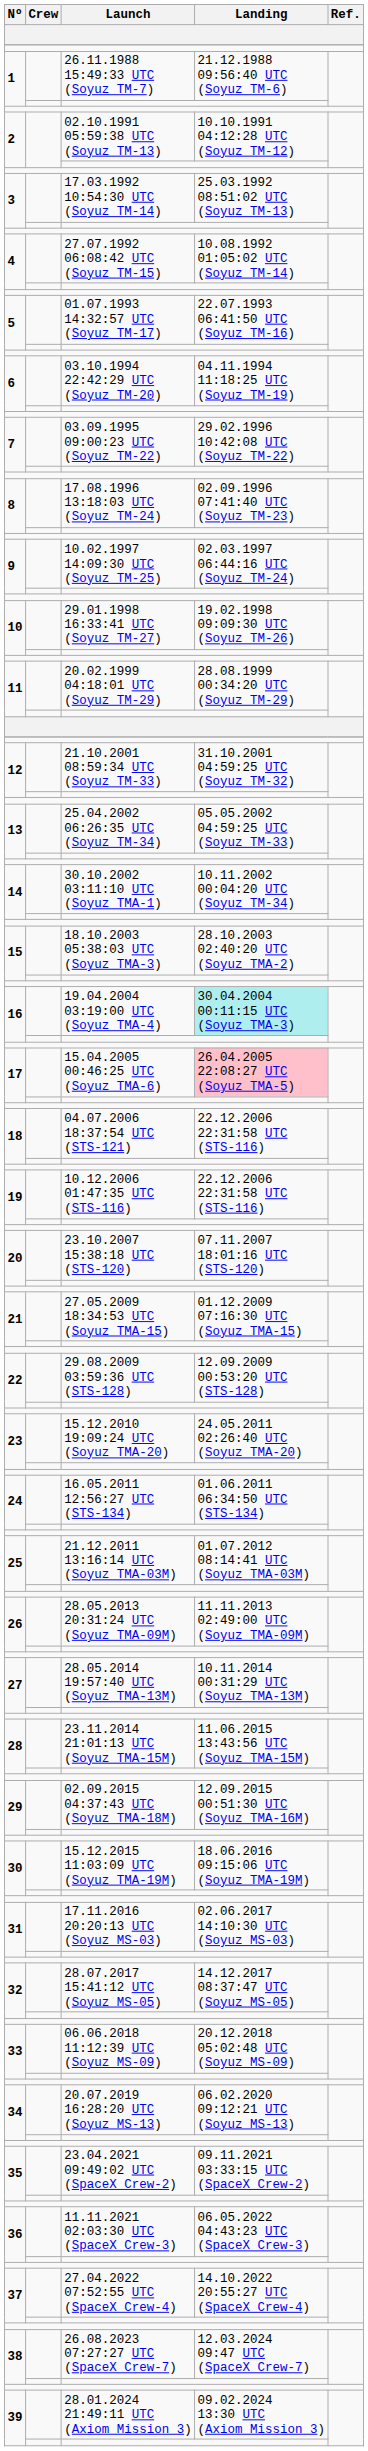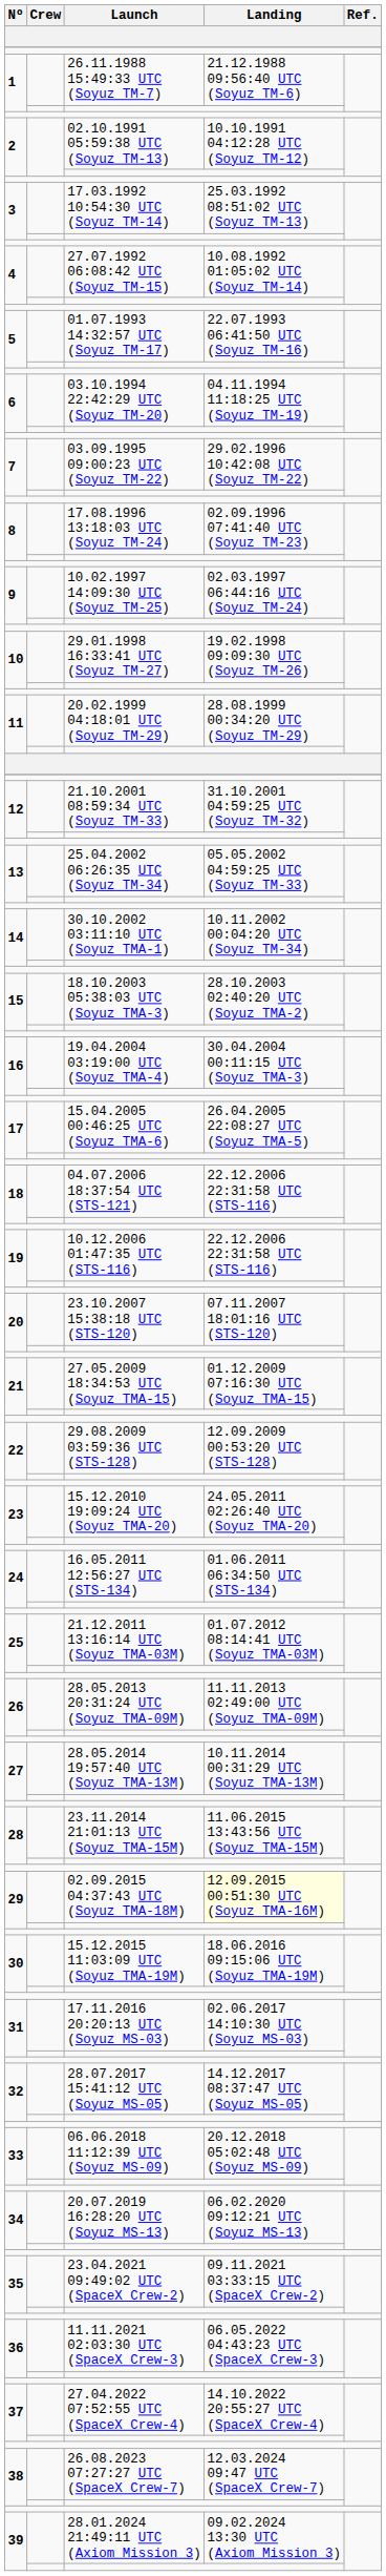 <table class="wikitable sticky-header">
 <tr>
 <th>Nº</th>
 <th>Crew</th>
 <th>Launch</th>
 <th>Landing</th>
 <th>Ref.</th>
 </tr>
 <tr>
 <th colspan=5><br></th>
 </tr>
 <tr style="">
 </tr>
 <tr>
 <td colspan="5"></td>
 </tr>
 <tr>
 <td rowspan="2"><strong>1</strong></td>
 <td></td>
 <td>26.11.1988<br>15:49:33 <a href='#'>UTC</a><br>(<a href='#'>Soyuz TM-7</a>)</td>
 <td>21.12.1988<br>09:56:40 <a href='#'>UTC</a><br>(<a href='#'>Soyuz TM-6</a>)</td>
 <td rowspan="2"></td>
 </tr>
 <tr>
 <td></td>
 <td colspan="2"></td>
 </tr>
 <tr>
 <td colspan="5"></td>
 </tr>
 <tr>
 <td rowspan="2"><strong>2</strong></td>
 <td rowspan="2"></td>
 <td>02.10.1991<br>05:59:38 <a href='#'>UTC</a><br>(<a href='#'>Soyuz TM-13</a>)</td>
 <td>10.10.1991<br>04:12:28 <a href='#'>UTC</a><br>(<a href='#'>Soyuz TM-12</a>)</td>
 <td rowspan="2"></td>
 </tr>
 <tr>
 <td colspan="2"></td>
 </tr>
 <tr>
 <td colspan="5"></td>
 </tr>
 <tr>
 <td rowspan="2"><strong>3</strong></td>
 <td></td>
 <td>17.03.1992<br>10:54:30 <a href='#'>UTC</a><br>(<a href='#'>Soyuz TM-14</a>)</td>
 <td>25.03.1992<br>08:51:02 <a href='#'>UTC</a><br>(<a href='#'>Soyuz TM-13</a>)</td>
 <td rowspan="2"></td>
 </tr>
 <tr>
 <td></td>
 <td colspan="2"></td>
 </tr>
 <tr>
 <td colspan="5"></td>
 </tr>
 <tr>
 <td rowspan="2"><strong>4</strong></td>
 <td></td>
 <td>27.07.1992<br>06:08:42 <a href='#'>UTC</a><br>(<a href='#'>Soyuz TM-15</a>)</td>
 <td>10.08.1992<br>01:05:02 <a href='#'>UTC</a><br>(<a href='#'>Soyuz TM-14</a>)</td>
 <td rowspan="2"></td>
 </tr>
 <tr>
 <td></td>
 <td colspan="2"></td>
 </tr>
 <tr>
 <td colspan="5"></td>
 </tr>
 <tr>
 <td rowspan="2"><strong>5</strong></td>
 <td></td>
 <td>01.07.1993<br>14:32:57 <a href='#'>UTC</a><br>(<a href='#'>Soyuz TM-17</a>)</td>
 <td>22.07.1993<br>06:41:50 <a href='#'>UTC</a><br>(<a href='#'>Soyuz TM-16</a>)</td>
 <td rowspan="2"></td>
 </tr>
 <tr>
 <td></td>
 <td colspan="2"></td>
 </tr>
 <tr>
 <td colspan="5"></td>
 </tr>
 <tr>
 <td rowspan="2"><strong>6</strong></td>
 <td></td>
 <td>03.10.1994<br>22:42:29 <a href='#'>UTC</a><br>(<a href='#'>Soyuz TM-20</a>)</td>
 <td>04.11.1994<br>11:18:25 <a href='#'>UTC</a><br>(<a href='#'>Soyuz TM-19</a>)</td>
 <td rowspan="2"></td>
 </tr>
 <tr>
 <td></td>
 <td colspan="2"></td>
 </tr>
 <tr>
 <td colspan="5"></td>
 </tr>
 <tr>
 <td rowspan="2"><strong>7</strong></td>
 <td></td>
 <td>03.09.1995<br>09:00:23 <a href='#'>UTC</a><br>(<a href='#'>Soyuz TM-22</a>)</td>
 <td>29.02.1996<br>10:42:08 <a href='#'>UTC</a><br>(<a href='#'>Soyuz TM-22</a>)</td>
 <td rowspan="2"></td>
 </tr>
 <tr>
 <td></td>
 <td colspan="2"></td>
 </tr>
 <tr>
 <td colspan="5"></td>
 </tr>
 <tr>
 <td rowspan="2"><strong>8</strong></td>
 <td></td>
 <td>17.08.1996<br>13:18:03 <a href='#'>UTC</a><br>(<a href='#'>Soyuz TM-24</a>)</td>
 <td>02.09.1996<br>07:41:40 <a href='#'>UTC</a><br>(<a href='#'>Soyuz TM-23</a>)</td>
 <td rowspan="2"></td>
 </tr>
 <tr>
 <td></td>
 <td colspan="2"></td>
 </tr>
 <tr>
 <td colspan="5"></td>
 </tr>
 <tr>
 <td rowspan="2"><strong>9</strong></td>
 <td></td>
 <td>10.02.1997<br>14:09:30 <a href='#'>UTC</a><br>(<a href='#'>Soyuz TM-25</a>)</td>
 <td>02.03.1997<br>06:44:16 <a href='#'>UTC</a><br>(<a href='#'>Soyuz TM-24</a>)</td>
 <td rowspan="2"></td>
 </tr>
 <tr>
 <td></td>
 <td colspan="2"></td>
 </tr>
 <tr>
 <td colspan="5"></td>
 </tr>
 <tr>
 <td rowspan="2"><strong>10</strong></td>
 <td></td>
 <td>29.01.1998<br>16:33:41 <a href='#'>UTC</a><br>(<a href='#'>Soyuz TM-27</a>)</td>
 <td>19.02.1998<br>09:09:30 <a href='#'>UTC</a><br>(<a href='#'>Soyuz TM-26</a>)</td>
 <td rowspan="2"></td>
 </tr>
 <tr>
 <td></td>
 <td colspan="2"></td>
 </tr>
 <tr>
 <td colspan="5"></td>
 </tr>
 <tr>
 <td rowspan="2"><strong>11</strong></td>
 <td></td>
 <td>20.02.1999<br>04:18:01 <a href='#'>UTC</a><br>(<a href='#'>Soyuz TM-29</a>)</td>
 <td>28.08.1999<br>00:34:20 <a href='#'>UTC</a><br>(<a href='#'>Soyuz TM-29</a>)</td>
 <td rowspan="2"></td>
 </tr>
 <tr>
 <td></td>
 <td colspan="2"></td>
 </tr>
 <tr>
 <th colspan=5><br></th>
 </tr>
 <tr style="">
 </tr>
 <tr>
 <td colspan="5"></td>
 </tr>
 <tr>
 <td rowspan="2"><strong>12</strong></td>
 <td></td>
 <td>21.10.2001<br>08:59:34 <a href='#'>UTC</a><br>(<a href='#'>Soyuz TM-33</a>)</td>
 <td>31.10.2001<br>04:59:25 <a href='#'>UTC</a><br>(<a href='#'>Soyuz TM-32</a>)</td>
 <td rowspan="2"><br><br></td>
 </tr>
 <tr>
 <td></td>
 <td colspan="2"></td>
 </tr>
 <tr>
 <td colspan="5"></td>
 </tr>
 <tr>
 <td rowspan="2"><strong>13</strong></td>
 <td></td>
 <td>25.04.2002<br>06:26:35 <a href='#'>UTC</a><br>(<a href='#'>Soyuz TM-34</a>)</td>
 <td>05.05.2002<br>04:59:25 <a href='#'>UTC</a><br>(<a href='#'>Soyuz TM-33</a>)</td>
 <td rowspan="2"><br><br></td>
 </tr>
 <tr>
 <td></td>
 <td colspan="2"></td>
 </tr>
 <tr>
 <td colspan="5"></td>
 </tr>
 <tr>
 <td rowspan="2"><strong>14</strong></td>
 <td></td>
 <td>30.10.2002<br>03:11:10 <a href='#'>UTC</a><br>(<a href='#'>Soyuz TMA-1</a>)</td>
 <td>10.11.2002<br>00:04:20 <a href='#'>UTC</a><br>(<a href='#'>Soyuz TM-34</a>)</td>
 <td rowspan="2"><br><br></td>
 </tr>
 <tr>
 <td></td>
 <td colspan="2"></td>
 </tr>
 <tr>
 <td colspan="5"></td>
 </tr>
 <tr>
 <td rowspan="2"><strong>15</strong></td>
 <td></td>
 <td>18.10.2003<br>05:38:03 <a href='#'>UTC</a><br>(<a href='#'>Soyuz TMA-3</a>)</td>
 <td>28.10.2003<br>02:40:20 <a href='#'>UTC</a><br>(<a href='#'>Soyuz TMA-2</a>)</td>
 <td rowspan="2"><br><br></td>
 </tr>
 <tr>
 <td></td>
 <td colspan="2"></td>
 </tr>
 <tr>
 <td colspan="5"></td>
 </tr>
 <tr>
 <td rowspan="2"><strong>16</strong></td>
 <td></td>
 <td>19.04.2004<br>03:19:00 <a href='#'>UTC</a><br>(<a href='#'>Soyuz TMA-4</a>)</td>
-<td style="background: paleturquoise;">30.04.2004<br>00:11:15 <a href='#'>UTC</a><br>(<a href='#'>Soyuz TMA-3</a>)</td>
+<td>30.04.2004<br>00:11:15 <a href='#'>UTC</a><br>(<a href='#'>Soyuz TMA-3</a>)</td>
 <td rowspan="2"><br><br></td>
 </tr>
 <tr>
 <td></td>
 <td colspan="2"></td>
 </tr>
 <tr>
 <td colspan="5"></td>
 </tr>
 <tr>
 <td rowspan="2"><strong>17</strong></td>
 <td></td>
 <td>15.04.2005<br>00:46:25 <a href='#'>UTC</a><br>(<a href='#'>Soyuz TMA-6</a>)</td>
-<td style="background: pink;">26.04.2005<br>22:08:27 <a href='#'>UTC</a><br>(<a href='#'>Soyuz TMA-5</a>)</td>
+<td>26.04.2005<br>22:08:27 <a href='#'>UTC</a><br>(<a href='#'>Soyuz TMA-5</a>)</td>
 <td rowspan="2"><br><br></td>
 </tr>
 <tr>
 <td></td>
 <td colspan="2"></td>
 </tr>
 <tr>
 <td colspan="5"></td>
 </tr>
 <tr>
 <td rowspan="2"><strong>18</strong></td>
 <td></td>
 <td>04.07.2006<br>18:37:54 <a href='#'>UTC</a><br>(<a href='#'>STS-121</a>)</td>
 <td>22.12.2006<br>22:31:58 <a href='#'>UTC</a><br>(<a href='#'>STS-116</a>)</td>
 <td rowspan="2"><br><br></td>
 </tr>
 <tr>
 <td></td>
 <td colspan="2"></td>
 </tr>
 <tr>
 <td colspan="5"></td>
 </tr>
 <tr>
 <td rowspan="2"><strong>19</strong></td>
 <td></td>
 <td>10.12.2006<br>01:47:35 <a href='#'>UTC</a><br>(<a href='#'>STS-116</a>)</td>
 <td>22.12.2006<br>22:31:58 <a href='#'>UTC</a><br>(<a href='#'>STS-116</a>)</td>
 <td rowspan="2"><br><br></td>
 </tr>
 <tr>
 <td></td>
 <td colspan="2"></td>
 </tr>
 <tr>
 <td colspan="5"></td>
 </tr>
 <tr>
 <td rowspan="2"><strong>20</strong></td>
 <td></td>
 <td>23.10.2007<br>15:38:18 <a href='#'>UTC</a><br>(<a href='#'>STS-120</a>)</td>
 <td>07.11.2007<br>18:01:16 <a href='#'>UTC</a><br>(<a href='#'>STS-120</a>)</td>
 <td rowspan="2"><br><br></td>
 </tr>
 <tr>
 <td></td>
 <td colspan="2"></td>
 </tr>
 <tr>
 <td colspan="5"></td>
 </tr>
 <tr>
 <td rowspan="2"><strong>21</strong></td>
 <td></td>
 <td>27.05.2009<br>18:34:53 <a href='#'>UTC</a><br>(<a href='#'>Soyuz TMA-15</a>)</td>
 <td>01.12.2009<br>07:16:30 <a href='#'>UTC</a><br>(<a href='#'>Soyuz TMA-15</a>)</td>
 <td rowspan="2"><br><br></td>
 </tr>
 <tr>
 <td></td>
 <td colspan="2"></td>
 </tr>
 <tr>
 <td colspan="5"></td>
 </tr>
 <tr>
 <td rowspan="2"><strong>22</strong></td>
 <td></td>
 <td>29.08.2009<br>03:59:36 <a href='#'>UTC</a><br>(<a href='#'>STS-128</a>)</td>
 <td>12.09.2009<br>00:53:20 <a href='#'>UTC</a><br>(<a href='#'>STS-128</a>)</td>
 <td rowspan="2"><br><br></td>
 </tr>
 <tr>
 <td></td>
 <td colspan="2"></td>
 </tr>
 <tr>
 <td colspan="5"></td>
 </tr>
 <tr>
 <td rowspan="2"><strong>23</strong></td>
 <td></td>
 <td>15.12.2010<br>19:09:24 <a href='#'>UTC</a><br>(<a href='#'>Soyuz TMA-20</a>)</td>
 <td>24.05.2011<br>02:26:40 <a href='#'>UTC</a><br>(<a href='#'>Soyuz TMA-20</a>)</td>
 <td rowspan="2"><br><br></td>
 </tr>
 <tr>
 <td></td>
 <td colspan="2"></td>
 </tr>
 <tr>
 <td colspan="5"></td>
 </tr>
 <tr>
 <td rowspan="2"><strong>24</strong></td>
 <td></td>
 <td>16.05.2011<br>12:56:27 <a href='#'>UTC</a><br>(<a href='#'>STS-134</a>)</td>
 <td>01.06.2011<br>06:34:50 <a href='#'>UTC</a><br>(<a href='#'>STS-134</a>)</td>
 <td rowspan="2"><br><br></td>
 </tr>
 <tr>
 <td></td>
 <td colspan="2"></td>
 </tr>
 <tr>
 <td colspan="5"></td>
 </tr>
 <tr>
 <td rowspan="2"><strong>25</strong></td>
 <td></td>
 <td>21.12.2011<br>13:16:14 <a href='#'>UTC</a><br>(<a href='#'>Soyuz TMA-03M</a>)</td>
 <td>01.07.2012<br>08:14:41 <a href='#'>UTC</a><br>(<a href='#'>Soyuz TMA-03M</a>)</td>
 <td rowspan="2"><br><br></td>
 </tr>
 <tr>
 <td></td>
 <td colspan="2"></td>
 </tr>
 <tr>
 <td colspan="5"></td>
 </tr>
 <tr>
 <td rowspan="2"><strong>26</strong></td>
 <td></td>
 <td>28.05.2013<br>20:31:24 <a href='#'>UTC</a><br>(<a href='#'>Soyuz TMA-09M</a>)</td>
 <td>11.11.2013<br>02:49:00 <a href='#'>UTC</a><br>(<a href='#'>Soyuz TMA-09M</a>)</td>
 <td rowspan="2"><br><br></td>
 </tr>
 <tr>
 <td></td>
 <td colspan="2"></td>
 </tr>
 <tr>
 <td colspan="5"></td>
 </tr>
 <tr>
 <td rowspan="2"><strong>27</strong></td>
 <td></td>
 <td>28.05.2014<br>19:57:40 <a href='#'>UTC</a><br>(<a href='#'>Soyuz TMA-13M</a>)</td>
 <td>10.11.2014<br>00:31:29 <a href='#'>UTC</a><br>(<a href='#'>Soyuz TMA-13M</a>)</td>
 <td rowspan="2"></td>
 </tr>
 <tr>
 <td></td>
 <td colspan="2"></td>
 </tr>
 <tr>
 <td colspan="5"></td>
 </tr>
 <tr>
 <td rowspan="2"><strong>28</strong></td>
 <td></td>
 <td>23.11.2014<br>21:01:13 <a href='#'>UTC</a><br>(<a href='#'>Soyuz TMA-15M</a>)</td>
 <td>11.06.2015<br>13:43:56 <a href='#'>UTC</a><br>(<a href='#'>Soyuz TMA-15M</a>)</td>
 <td rowspan="2"></td>
 </tr>
 <tr>
 <td></td>
 <td colspan="2"></td>
 </tr>
 <tr>
 <td colspan="5"></td>
 </tr>
 <tr>
 <td rowspan="2"><strong>29</strong></td>
 <td></td>
 <td>02.09.2015<br>04:37:43 <a href='#'>UTC</a><br>(<a href='#'>Soyuz TMA-18M</a>)</td>
-<td>12.09.2015<br>00:51:30 <a href='#'>UTC</a><br>(<a href='#'>Soyuz TMA-16M</a>)</td>
+<td style="background: lightyellow;">12.09.2015<br>00:51:30 <a href='#'>UTC</a><br>(<a href='#'>Soyuz TMA-16M</a>)</td>
 <td rowspan="2"></td>
 </tr>
 <tr>
 <td></td>
 <td colspan="2"></td>
 </tr>
 <tr>
 <td colspan="5"></td>
 </tr>
 <tr>
 <td rowspan="2"><strong>30</strong></td>
 <td></td>
 <td>15.12.2015<br>11:03:09 <a href='#'>UTC</a><br>(<a href='#'>Soyuz TMA-19M</a>)</td>
 <td>18.06.2016<br>09:15:06 <a href='#'>UTC</a><br>(<a href='#'>Soyuz TMA-19M</a>)</td>
 <td rowspan="2"></td>
 </tr>
 <tr>
 <td></td>
 <td colspan="2"></td>
 </tr>
 <tr>
 <td colspan="5"></td>
 </tr>
 <tr>
 <td rowspan="2"><strong>31</strong></td>
 <td></td>
 <td>17.11.2016<br>20:20:13 <a href='#'>UTC</a><br>(<a href='#'>Soyuz MS-03</a>)</td>
 <td>02.06.2017<br>14:10:30 <a href='#'>UTC</a><br>(<a href='#'>Soyuz MS-03</a>)</td>
 <td rowspan="2"></td>
 </tr>
 <tr>
 <td></td>
 <td colspan="2"></td>
 </tr>
 <tr>
 <td colspan="5"></td>
 </tr>
 <tr>
 <td rowspan="2"><strong>32</strong></td>
 <td></td>
 <td>28.07.2017<br>15:41:12 <a href='#'>UTC</a><br>(<a href='#'>Soyuz MS-05</a>)</td>
 <td>14.12.2017<br>08:37:47 <a href='#'>UTC</a><br>(<a href='#'>Soyuz MS-05</a>)</td>
 <td rowspan="2"></td>
 </tr>
 <tr>
 <td></td>
 <td colspan="2"></td>
 </tr>
 <tr>
 <td colspan="5"></td>
 </tr>
 <tr>
 <td rowspan="2"><strong>33</strong></td>
 <td></td>
 <td>06.06.2018<br>11:12:39 <a href='#'>UTC</a><br>(<a href='#'>Soyuz MS-09</a>)</td>
 <td>20.12.2018<br>05:02:48 <a href='#'>UTC</a><br>(<a href='#'>Soyuz MS-09</a>)</td>
 <td rowspan="2"></td>
 </tr>
 <tr>
 <td></td>
 <td colspan="2"></td>
 </tr>
 <tr>
 <td colspan="5"></td>
 </tr>
 <tr>
 <td rowspan="2"><strong>34</strong></td>
 <td></td>
 <td>20.07.2019<br>16:28:20 <a href='#'>UTC</a><br>(<a href='#'>Soyuz MS-13</a>)</td>
 <td>06.02.2020<br>09:12:21 <a href='#'>UTC</a><br>(<a href='#'>Soyuz MS-13</a>)</td>
 <td rowspan="2"><br><br></td>
 </tr>
 <tr>
 <td></td>
 <td colspan="2"></td>
 </tr>
 <tr>
 <td colspan="5"></td>
 </tr>
 <tr>
 <td rowspan="2"><strong>35</strong></td>
 <td></td>
 <td>23.04.2021<br>09:49:02 <a href='#'>UTC</a><br>(<a href='#'>SpaceX Crew-2</a>)</td>
 <td>09.11.2021<br>03:33:15 <a href='#'>UTC</a><br>(<a href='#'>SpaceX Crew-2</a>)</td>
 <td rowspan="2"></td>
 </tr>
 <tr>
 <td></td>
 <td colspan="2"></td>
 </tr>
 <tr>
 <td colspan="5"></td>
 </tr>
 <tr>
 <td rowspan="2"><strong>36</strong></td>
 <td></td>
 <td>11.11.2021<br>02:03:30 <a href='#'>UTC</a><br>(<a href='#'>SpaceX Crew-3</a>)</td>
 <td>06.05.2022<br>04:43:23 <a href='#'>UTC</a><br>(<a href='#'>SpaceX Crew-3</a>)</td>
 <td rowspan="2"></td>
 </tr>
 <tr>
 <td></td>
 <td colspan="2"></td>
 </tr>
 <tr>
 <td colspan="5"></td>
 </tr>
 <tr>
 <td rowspan="2"><strong>37</strong></td>
 <td></td>
 <td>27.04.2022<br>07:52:55 <a href='#'>UTC</a><br>(<a href='#'>SpaceX Crew-4</a>)</td>
 <td>14.10.2022<br>20:55:27 <a href='#'>UTC</a><br>(<a href='#'>SpaceX Crew-4</a>)</td>
 <td rowspan="2"></td>
 </tr>
 <tr>
 <td></td>
 <td colspan="2"></td>
 </tr>
 <tr>
 <td colspan=5></td>
 </tr>
 <tr>
 <td rowspan="2"><strong>38</strong></td>
 <td></td>
 <td>26.08.2023<br>07:27:27 <a href='#'>UTC</a><br>(<a href='#'>SpaceX Crew-7</a>)</td>
 <td>12.03.2024<br>09:47 <a href='#'>UTC</a><br>(<a href='#'>SpaceX Crew-7</a>)</td>
 <td rowspan="2"></td>
 </tr>
 <tr>
 <td></td>
 <td colspan="2"></td>
 </tr>
 <tr>
 <td colspan=5></td>
 </tr>
 <tr>
 <td rowspan="2"><strong>39</strong></td>
 <td></td>
 <td>28.01.2024<br>21:49:11 <a href='#'>UTC</a><br>(<a href='#'>Axiom Mission 3</a>)</td>
 <td>09.02.2024<br>13:30 <a href='#'>UTC</a><br>(<a href='#'>Axiom Mission 3</a>)</td>
 <td rowspan="2"></td>
 </tr>
 <tr>
 <td></td>
 <td colspan="2"></td>
 </tr>
 </table>
